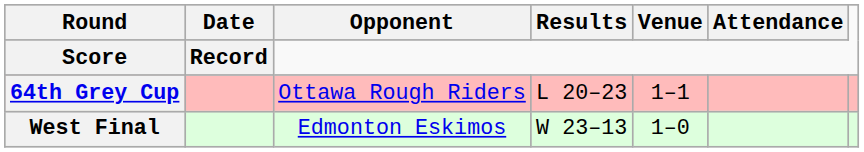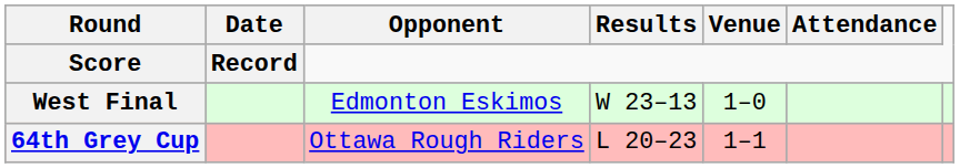 <table class="wikitable" style="text-align:center">
 <tr>
 <th>Round</th>
 <th>Date</th>
 <th>Opponent</th>
 <th>Results</th>
 <th>Venue</th>
 <th>Attendance</th>
 </tr>
 <tr>
 <th>Score</th>
 <th>Record</th>
 </tr>
+<tr style="background:#ddffdd">
+<th>West Final</th>
+<td></td>
+<td><a href='#'>Edmonton Eskimos</a></td>
+<td>W 23–13</td>
+<td>1–0</td>
+<td></td>
+<td></td>
+</tr>
 <tr style="background:#ffbbbb">
 <th><a href='#'>64th Grey Cup</a></th>
 <td></td>
 <td><a href='#'>Ottawa Rough Riders</a></td>
 <td>L 20–23</td>
 <td>1–1</td>
 <td></td>
 <td></td>
 </tr>
-<tr style="background:#ddffdd">
-<th>West Final</th>
-<td></td>
-<td><a href='#'>Edmonton Eskimos</a></td>
-<td>W 23–13</td>
-<td>1–0</td>
-<td></td>
-<td></td>
-</tr>
 </table>
